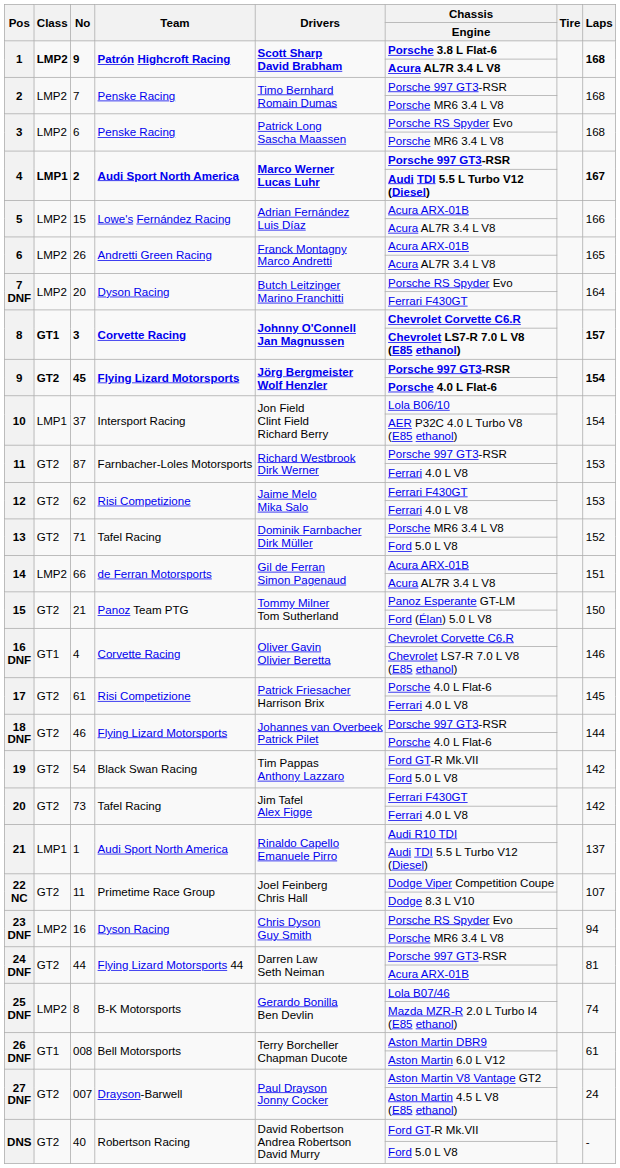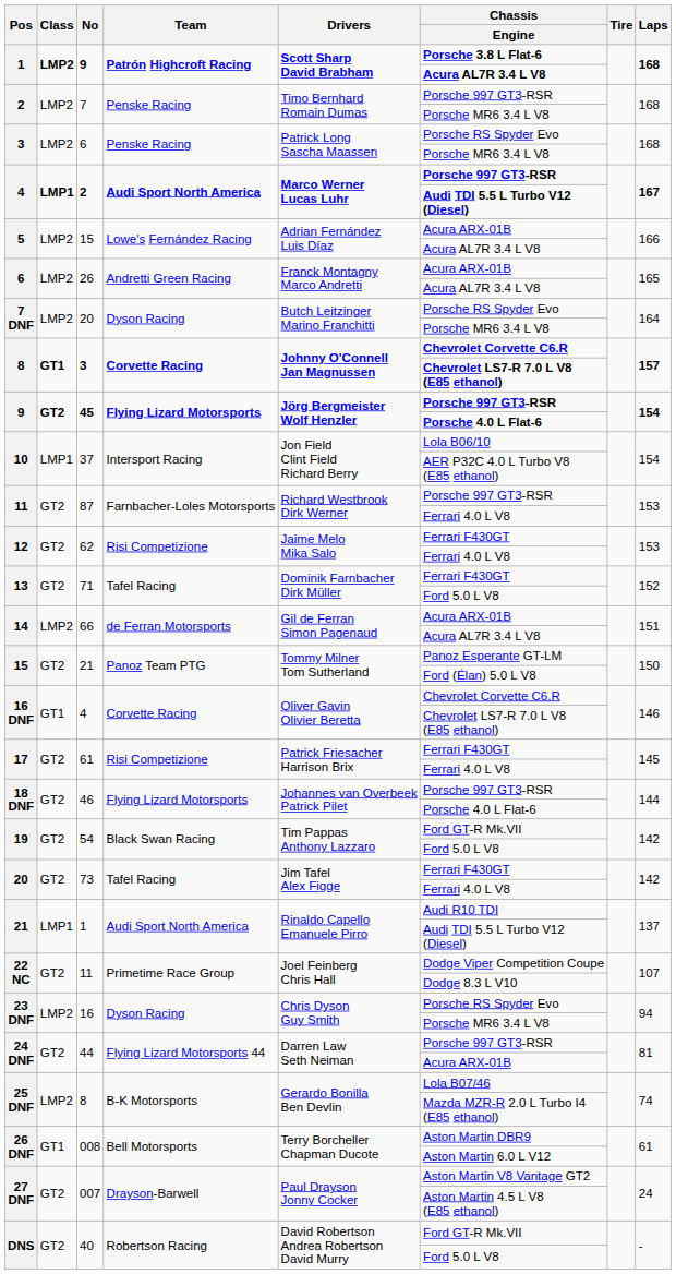 <table class="wikitable" style="font-size: 95%;">
 <tr>
 <th rowspan=2>Pos</th>
 <th rowspan=2>Class</th>
 <th rowspan=2>No</th>
 <th rowspan=2>Team</th>
 <th rowspan=2>Drivers</th>
 <th>Chassis</th>
 <th rowspan=2>Tire</th>
 <th rowspan=2>Laps</th>
 </tr>
 <tr>
 <th>Engine</th>
 </tr>
 <tr style="font-weight:bold">
 <th rowspan=2>1</th>
 <td rowspan=2>LMP2</td>
 <td rowspan=2>9</td>
 <td rowspan=2> <a href='#'>Patrón</a> <a href='#'>Highcroft Racing</a></td>
 <td rowspan=2> <a href='#'>Scott Sharp</a><br> <a href='#'>David Brabham</a></td>
 <td><a href='#'>Porsche</a> 3.8 L Flat-6</td>
 <td rowspan=2></td>
 <td rowspan=2>168</td>
 </tr>
 <tr style="font-weight:bold">
 <td><a href='#'>Acura</a> AL7R 3.4 L V8</td>
 </tr>
 <tr>
 <th rowspan=2>2</th>
 <td rowspan=2>LMP2</td>
 <td rowspan=2>7</td>
 <td rowspan=2> <a href='#'>Penske Racing</a></td>
 <td rowspan=2> <a href='#'>Timo Bernhard</a><br> <a href='#'>Romain Dumas</a></td>
 <td><a href='#'>Porsche 997 GT3</a>-RSR</td>
 <td rowspan=2></td>
 <td rowspan=2>168</td>
 </tr>
 <tr>
 <td><a href='#'>Porsche</a> MR6 3.4 L V8</td>
 </tr>
 <tr>
 <th rowspan=2>3</th>
 <td rowspan=2>LMP2</td>
 <td rowspan=2>6</td>
 <td rowspan=2> <a href='#'>Penske Racing</a></td>
 <td rowspan=2> <a href='#'>Patrick Long</a><br> <a href='#'>Sascha Maassen</a></td>
 <td><a href='#'>Porsche RS Spyder</a> Evo</td>
 <td rowspan=2></td>
 <td rowspan=2>168</td>
 </tr>
 <tr>
 <td><a href='#'>Porsche</a> MR6 3.4 L V8</td>
 </tr>
 <tr style="font-weight:bold">
 <th rowspan=2>4</th>
 <td rowspan=2>LMP1</td>
 <td rowspan=2>2</td>
 <td rowspan=2> <a href='#'>Audi Sport North America</a></td>
 <td rowspan=2> <a href='#'>Marco Werner</a><br> <a href='#'>Lucas Luhr</a></td>
 <td><a href='#'>Porsche 997 GT3</a>-RSR</td>
 <td rowspan=2></td>
 <td rowspan=2>167</td>
 </tr>
 <tr style="font-weight:bold">
 <td><a href='#'>Audi</a> <a href='#'>TDI</a> 5.5 L Turbo V12<br>(<a href='#'>Diesel</a>)</td>
 </tr>
 <tr>
 <th rowspan=2>5</th>
 <td rowspan=2>LMP2</td>
 <td rowspan=2>15</td>
 <td rowspan=2> <a href='#'>Lowe's</a> <a href='#'>Fernández Racing</a></td>
 <td rowspan=2> <a href='#'>Adrian Fernández</a><br> <a href='#'>Luis Díaz</a></td>
 <td><a href='#'>Acura ARX-01B</a></td>
 <td rowspan=2></td>
 <td rowspan=2>166</td>
 </tr>
 <tr>
 <td><a href='#'>Acura</a> AL7R 3.4 L V8</td>
 </tr>
 <tr>
 <th rowspan=2>6</th>
 <td rowspan=2>LMP2</td>
 <td rowspan=2>26</td>
 <td rowspan=2> <a href='#'>Andretti Green Racing</a></td>
 <td rowspan=2> <a href='#'>Franck Montagny</a><br> <a href='#'>Marco Andretti</a></td>
 <td><a href='#'>Acura ARX-01B</a></td>
 <td rowspan=2></td>
 <td rowspan=2>165</td>
 </tr>
 <tr>
 <td><a href='#'>Acura</a> AL7R 3.4 L V8</td>
 </tr>
 <tr>
 <th rowspan=2>7<br>DNF</th>
 <td rowspan=2>LMP2</td>
 <td rowspan=2>20</td>
 <td rowspan=2> <a href='#'>Dyson Racing</a></td>
 <td rowspan=2> <a href='#'>Butch Leitzinger</a><br> <a href='#'>Marino Franchitti</a></td>
 <td><a href='#'>Porsche RS Spyder</a> Evo</td>
 <td rowspan=2></td>
 <td rowspan=2>164</td>
 </tr>
 <tr>
-<td><a href='#'>Ferrari F430GT</a></td>
+<td><a href='#'>Porsche</a> MR6 3.4 L V8</td>
 </tr>
 <tr style="font-weight:bold">
 <th rowspan=2>8</th>
 <td rowspan=2>GT1</td>
 <td rowspan=2>3</td>
 <td rowspan=2> <a href='#'>Corvette Racing</a></td>
 <td rowspan=2> <a href='#'>Johnny O'Connell</a><br> <a href='#'>Jan Magnussen</a></td>
 <td><a href='#'>Chevrolet Corvette C6.R</a></td>
 <td rowspan=2></td>
 <td rowspan=2>157</td>
 </tr>
 <tr style="font-weight:bold">
 <td><a href='#'>Chevrolet</a> LS7-R 7.0 L V8<br>(<a href='#'>E85</a> <a href='#'>ethanol</a>)</td>
 </tr>
 <tr style="font-weight:bold">
 <th rowspan=2>9</th>
 <td rowspan=2>GT2</td>
 <td rowspan=2>45</td>
 <td rowspan=2> <a href='#'>Flying Lizard Motorsports</a></td>
 <td rowspan=2> <a href='#'>Jörg Bergmeister</a><br> <a href='#'>Wolf Henzler</a></td>
 <td><a href='#'>Porsche 997 GT3</a>-RSR</td>
 <td rowspan=2></td>
 <td rowspan=2>154</td>
 </tr>
 <tr style="font-weight:bold">
 <td><a href='#'>Porsche</a> 4.0 L Flat-6</td>
 </tr>
 <tr>
 <th rowspan=2>10</th>
 <td rowspan=2>LMP1</td>
 <td rowspan=2>37</td>
 <td rowspan=2> Intersport Racing</td>
 <td rowspan=2> Jon Field<br> Clint Field<br> Richard Berry</td>
 <td><a href='#'>Lola B06/10</a></td>
 <td rowspan=2></td>
 <td rowspan=2>154</td>
 </tr>
 <tr>
 <td><a href='#'>AER</a> P32C 4.0 L Turbo V8<br>(<a href='#'>E85</a> <a href='#'>ethanol</a>)</td>
 </tr>
 <tr>
 <th rowspan=2>11</th>
 <td rowspan=2>GT2</td>
 <td rowspan=2>87</td>
 <td rowspan=2> Farnbacher-Loles Motorsports</td>
 <td rowspan=2> <a href='#'>Richard Westbrook</a><br> <a href='#'>Dirk Werner</a></td>
 <td><a href='#'>Porsche 997 GT3</a>-RSR</td>
 <td rowspan=2></td>
 <td rowspan=2>153</td>
 </tr>
 <tr>
 <td><a href='#'>Ferrari</a> 4.0 L V8</td>
 </tr>
 <tr>
 <th rowspan=2>12</th>
 <td rowspan=2>GT2</td>
 <td rowspan=2>62</td>
 <td rowspan=2> <a href='#'>Risi Competizione</a></td>
 <td rowspan=2> <a href='#'>Jaime Melo</a><br> <a href='#'>Mika Salo</a></td>
 <td><a href='#'>Ferrari F430GT</a></td>
 <td rowspan=2></td>
 <td rowspan=2>153</td>
 </tr>
 <tr>
 <td><a href='#'>Ferrari</a> 4.0 L V8</td>
 </tr>
 <tr>
 <th rowspan=2>13</th>
 <td rowspan=2>GT2</td>
 <td rowspan=2>71</td>
 <td rowspan=2> Tafel Racing</td>
 <td rowspan=2> <a href='#'>Dominik Farnbacher</a><br> <a href='#'>Dirk Müller</a></td>
-<td><a href='#'>Porsche</a> MR6 3.4 L V8</td>
+<td><a href='#'>Ferrari F430GT</a></td>
 <td rowspan=2></td>
 <td rowspan=2>152</td>
 </tr>
 <tr>
 <td><a href='#'>Ford</a> 5.0 L V8</td>
 </tr>
 <tr>
 <th rowspan=2>14</th>
 <td rowspan=2>LMP2</td>
 <td rowspan=2>66</td>
 <td rowspan=2> <a href='#'>de Ferran Motorsports</a></td>
 <td rowspan=2> <a href='#'>Gil de Ferran</a><br> <a href='#'>Simon Pagenaud</a></td>
 <td><a href='#'>Acura ARX-01B</a></td>
 <td rowspan=2></td>
 <td rowspan=2>151</td>
 </tr>
 <tr>
 <td><a href='#'>Acura</a> AL7R 3.4 L V8</td>
 </tr>
 <tr>
 <th rowspan=2>15</th>
 <td rowspan=2>GT2</td>
 <td rowspan=2>21</td>
 <td rowspan=2> <a href='#'>Panoz</a> Team PTG</td>
 <td rowspan=2> <a href='#'>Tommy Milner</a><br> Tom Sutherland</td>
 <td><a href='#'>Panoz Esperante</a> GT-LM</td>
 <td rowspan=2></td>
 <td rowspan=2>150</td>
 </tr>
 <tr>
 <td><a href='#'>Ford</a> (<a href='#'>Élan</a>) 5.0 L V8</td>
 </tr>
 <tr>
 <th rowspan=2>16<br>DNF</th>
 <td rowspan=2>GT1</td>
 <td rowspan=2>4</td>
 <td rowspan=2> <a href='#'>Corvette Racing</a></td>
 <td rowspan=2> <a href='#'>Oliver Gavin</a><br> <a href='#'>Olivier Beretta</a></td>
 <td><a href='#'>Chevrolet Corvette C6.R</a></td>
 <td rowspan=2></td>
 <td rowspan=2>146</td>
 </tr>
 <tr>
 <td><a href='#'>Chevrolet</a> LS7-R 7.0 L V8<br>(<a href='#'>E85</a> <a href='#'>ethanol</a>)</td>
 </tr>
 <tr>
 <th rowspan=2>17</th>
 <td rowspan=2>GT2</td>
 <td rowspan=2>61</td>
 <td rowspan=2> <a href='#'>Risi Competizione</a></td>
 <td rowspan=2> <a href='#'>Patrick Friesacher</a><br> Harrison Brix</td>
-<td><a href='#'>Porsche</a> 4.0 L Flat-6</td>
+<td><a href='#'>Ferrari F430GT</a></td>
 <td rowspan=2></td>
 <td rowspan=2>145</td>
 </tr>
 <tr>
 <td><a href='#'>Ferrari</a> 4.0 L V8</td>
 </tr>
 <tr>
 <th rowspan=2>18<br>DNF</th>
 <td rowspan=2>GT2</td>
 <td rowspan=2>46</td>
 <td rowspan=2> <a href='#'>Flying Lizard Motorsports</a></td>
 <td rowspan=2> <a href='#'>Johannes van Overbeek</a><br> <a href='#'>Patrick Pilet</a></td>
 <td><a href='#'>Porsche 997 GT3</a>-RSR</td>
 <td rowspan=2></td>
 <td rowspan=2>144</td>
 </tr>
 <tr>
 <td><a href='#'>Porsche</a> 4.0 L Flat-6</td>
 </tr>
 <tr>
 <th rowspan=2>19</th>
 <td rowspan=2>GT2</td>
 <td rowspan=2>54</td>
 <td rowspan=2> Black Swan Racing</td>
 <td rowspan=2> Tim Pappas<br> <a href='#'>Anthony Lazzaro</a></td>
 <td><a href='#'>Ford GT</a>-R Mk.VII</td>
 <td rowspan=2></td>
 <td rowspan=2>142</td>
 </tr>
 <tr>
 <td><a href='#'>Ford</a> 5.0 L V8</td>
 </tr>
 <tr>
 <th rowspan=2>20</th>
 <td rowspan=2>GT2</td>
 <td rowspan=2>73</td>
 <td rowspan=2> Tafel Racing</td>
 <td rowspan=2> Jim Tafel<br> <a href='#'>Alex Figge</a></td>
 <td><a href='#'>Ferrari F430GT</a></td>
 <td rowspan=2></td>
 <td rowspan=2>142</td>
 </tr>
 <tr>
 <td><a href='#'>Ferrari</a> 4.0 L V8</td>
 </tr>
 <tr>
 <th rowspan=2>21</th>
 <td rowspan=2>LMP1</td>
 <td rowspan=2>1</td>
 <td rowspan=2> <a href='#'>Audi Sport North America</a></td>
 <td rowspan=2> <a href='#'>Rinaldo Capello</a><br> <a href='#'>Emanuele Pirro</a></td>
 <td><a href='#'>Audi R10 TDI</a></td>
 <td rowspan=2></td>
 <td rowspan=2>137</td>
 </tr>
 <tr>
 <td><a href='#'>Audi</a> <a href='#'>TDI</a> 5.5 L Turbo V12<br>(<a href='#'>Diesel</a>)</td>
 </tr>
 <tr>
 <th rowspan=2>22<br>NC</th>
 <td rowspan=2>GT2</td>
 <td rowspan=2>11</td>
 <td rowspan=2> Primetime Race Group</td>
 <td rowspan=2> Joel Feinberg<br> Chris Hall</td>
 <td><a href='#'>Dodge Viper</a> Competition Coupe</td>
 <td rowspan=2></td>
 <td rowspan=2>107</td>
 </tr>
 <tr>
 <td><a href='#'>Dodge</a> 8.3 L V10</td>
 </tr>
 <tr>
 <th rowspan=2>23<br>DNF</th>
 <td rowspan=2>LMP2</td>
 <td rowspan=2>16</td>
 <td rowspan=2> <a href='#'>Dyson Racing</a></td>
 <td rowspan=2> <a href='#'>Chris Dyson</a><br> <a href='#'>Guy Smith</a></td>
 <td><a href='#'>Porsche RS Spyder</a> Evo</td>
 <td rowspan=2></td>
 <td rowspan=2>94</td>
 </tr>
 <tr>
 <td><a href='#'>Porsche</a> MR6 3.4 L V8</td>
 </tr>
 <tr>
 <th rowspan=2>24<br>DNF</th>
 <td rowspan=2>GT2</td>
 <td rowspan=2>44</td>
 <td rowspan=2> <a href='#'>Flying Lizard Motorsports</a> 44</td>
 <td rowspan=2> Darren Law<br> Seth Neiman</td>
 <td><a href='#'>Porsche 997 GT3</a>-RSR</td>
 <td rowspan=2></td>
 <td rowspan=2>81</td>
 </tr>
 <tr>
 <td><a href='#'>Acura ARX-01B</a></td>
 </tr>
 <tr>
 <th rowspan=2>25<br>DNF</th>
 <td rowspan=2>LMP2</td>
 <td rowspan=2>8</td>
 <td rowspan=2> B-K Motorsports</td>
 <td rowspan=2> <a href='#'>Gerardo Bonilla</a><br> Ben Devlin</td>
 <td><a href='#'>Lola B07/46</a></td>
 <td rowspan=2></td>
 <td rowspan=2>74</td>
 </tr>
 <tr>
 <td><a href='#'>Mazda MZR-R</a> 2.0 L Turbo I4<br>(<a href='#'>E85</a> <a href='#'>ethanol</a>)</td>
 </tr>
 <tr>
 <th rowspan=2>26<br>DNF</th>
 <td rowspan=2>GT1</td>
 <td rowspan=2>008</td>
 <td rowspan=2> Bell Motorsports</td>
 <td rowspan=2> Terry Borcheller<br> Chapman Ducote</td>
 <td><a href='#'>Aston Martin DBR9</a></td>
 <td rowspan=2></td>
 <td rowspan=2>61</td>
 </tr>
 <tr>
 <td><a href='#'>Aston Martin</a> 6.0 L V12</td>
 </tr>
 <tr>
 <th rowspan=2>27<br>DNF</th>
 <td rowspan=2>GT2</td>
 <td rowspan=2>007</td>
 <td rowspan=2> <a href='#'>Drayson</a>-Barwell</td>
 <td rowspan=2> <a href='#'>Paul Drayson</a><br> <a href='#'>Jonny Cocker</a></td>
 <td><a href='#'>Aston Martin V8 Vantage</a> GT2</td>
 <td rowspan=2></td>
 <td rowspan=2>24</td>
 </tr>
 <tr>
 <td><a href='#'>Aston Martin</a> 4.5 L V8<br>(<a href='#'>E85</a> <a href='#'>ethanol</a>)</td>
 </tr>
 <tr>
 <th rowspan=2>DNS</th>
 <td rowspan=2>GT2</td>
 <td rowspan=2>40</td>
 <td rowspan=2> Robertson Racing</td>
 <td rowspan=2> David Robertson<br> Andrea Robertson<br> David Murry</td>
 <td><a href='#'>Ford GT</a>-R Mk.VII</td>
 <td rowspan=2></td>
 <td rowspan=2>-</td>
 </tr>
 <tr>
 <td><a href='#'>Ford</a> 5.0 L V8</td>
 </tr>
 </table>
